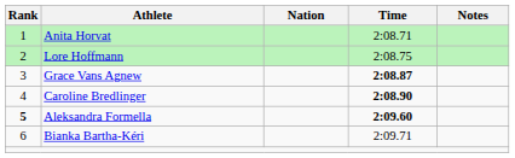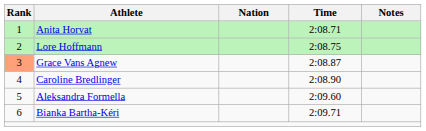 <table class="wikitable sortable" style="text-align:center;width: 50%;">
 <tr>
 <th scope="col" style="width: 10px;">Rank</th>
 <th scope="col">Athlete</th>
 <th scope="col">Nation</th>
 <th scope="col">Time</th>
 <th scope="col">Notes</th>
 </tr>
 <tr bgcolor=bbf3bb>
 <td>1</td>
 <td align=left><a href='#'>Anita Horvat</a></td>
 <td align=left></td>
 <td>2:08.71</td>
 <td></td>
 </tr>
 <tr bgcolor=bbf3bb>
 <td>2</td>
 <td align=left><a href='#'>Lore Hoffmann</a></td>
 <td align=left></td>
 <td>2:08.75</td>
 <td></td>
 </tr>
 <tr>
-<td>3</td>
+<td style="background: lightsalmon;">3</td>
 <td align=left><a href='#'>Grace Vans Agnew</a></td>
 <td align=left></td>
-<td><strong>2:08.87</strong></td>
+<td>2:08.87</td>
 <td></td>
 </tr>
 <tr>
 <td>4</td>
 <td align=left><a href='#'>Caroline Bredlinger</a></td>
 <td align=left></td>
-<td><strong>2:08.90</strong></td>
+<td>2:08.90</td>
 <td></td>
 </tr>
 <tr>
-<td><strong>5</strong></td>
+<td>5</td>
 <td align=left><a href='#'>Aleksandra Formella</a></td>
 <td align=left></td>
-<td><strong>2:09.60</strong></td>
+<td>2:09.60</td>
 <td></td>
 </tr>
 <tr>
 <td>6</td>
 <td align=left><a href='#'>Bianka Bartha-Kéri</a></td>
 <td align=left></td>
 <td>2:09.71</td>
 <td></td>
 </tr>
 <tr class="sortbottom">
 <td colspan="5"></td>
 </tr>
 </table>
